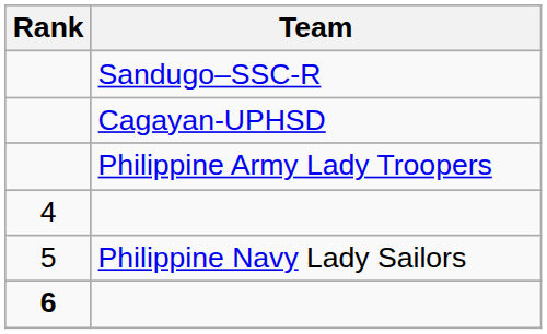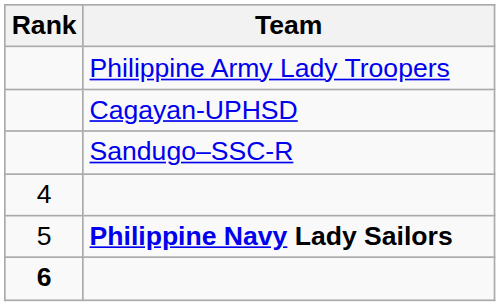 <table class="wikitable" style="text-align: center;">
 <tr>
 <th width=40>Rank</th>
 <th width=240>Team</th>
 </tr>
 <tr>
 <td></td>
-<td align="left"> <a href='#'>Sandugo–SSC-R</a></td>
+<td align="left"> <a href='#'>Philippine Army Lady Troopers</a></td>
 </tr>
 <tr>
 <td></td>
 <td align="left"> <a href='#'>Cagayan-UPHSD</a></td>
 </tr>
 <tr>
 <td></td>
-<td align="left"> <a href='#'>Philippine Army Lady Troopers</a></td>
+<td align="left"> <a href='#'>Sandugo–SSC-R</a></td>
 </tr>
 <tr>
 <td>4</td>
 <td align="left"></td>
 </tr>
 <tr>
 <td>5</td>
-<td align="left"> <a href='#'>Philippine Navy</a> Lady Sailors</td>
+<td align="left"><strong> <a href='#'>Philippine Navy</a> Lady Sailors</strong></td>
 </tr>
 <tr>
 <td><strong>6</strong></td>
 <td align="left"></td>
 </tr>
 </table>
